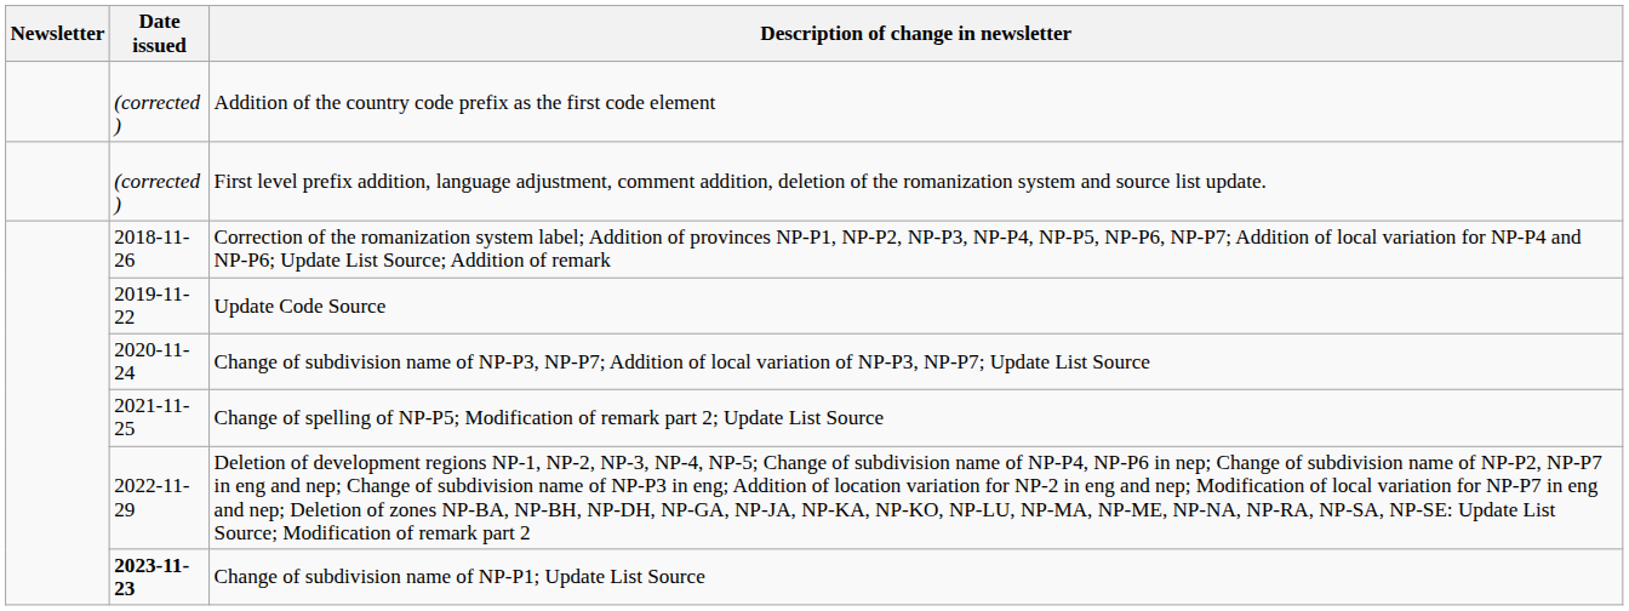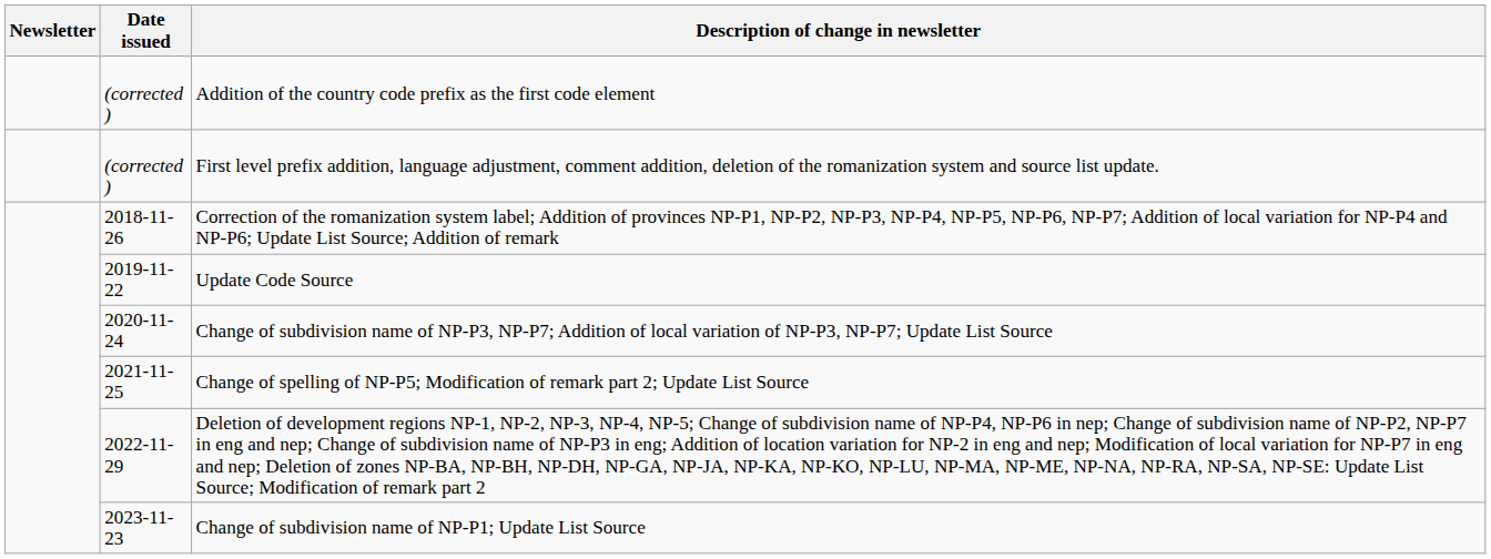 <table class="wikitable">
 <tr>
 <th>Newsletter</th>
 <th>Date issued</th>
 <th>Description of change in newsletter</th>
 </tr>
 <tr>
 <td id="II-1"></td>
 <td><br> <em>(corrected<br> )</em></td>
 <td>Addition of the country code prefix as the first code element</td>
 </tr>
 <tr>
 <td id="II-3"></td>
 <td><br> <em>(corrected<br> )</em></td>
 <td>First level prefix addition, language adjustment, comment addition, deletion of the romanization system and source list update.</td>
 </tr>
 <tr>
 <td rowspan="6"></td>
 <td>2018-11-26</td>
 <td>Correction of the romanization system label; Addition of provinces NP-P1, NP-P2, NP-P3, NP-P4, NP-P5, NP-P6, NP-P7; Addition of local variation for NP-P4 and NP-P6; Update List Source; Addition of remark</td>
 </tr>
 <tr>
 <td>2019-11-22</td>
 <td>Update Code Source</td>
 </tr>
 <tr>
 <td>2020-11-24</td>
 <td>Change of subdivision name of NP-P3, NP-P7; Addition of local variation of NP-P3, NP-P7; Update List Source</td>
 </tr>
 <tr>
 <td>2021-11-25</td>
 <td>Change of spelling of NP-P5; Modification of remark part 2; Update List Source</td>
 </tr>
 <tr>
 <td>2022-11-29</td>
 <td>Deletion of development regions NP-1, NP-2, NP-3, NP-4, NP-5; Change of subdivision name of NP-P4, NP-P6 in nep; Change of subdivision name of NP-P2, NP-P7 in eng and nep; Change of subdivision name of NP-P3 in eng; Addition of location variation for NP-2 in eng and nep; Modification of local variation for NP-P7 in eng and nep; Deletion of zones NP-BA, NP-BH, NP-DH, NP-GA, NP-JA, NP-KA, NP-KO, NP-LU, NP-MA, NP-ME, NP-NA, NP-RA, NP-SA, NP-SE: Update List Source; Modification of remark part 2</td>
 </tr>
 <tr>
-<td><strong>2023-11-23</strong></td>
+<td>2023-11-23</td>
 <td>Change of subdivision name of NP-P1; Update List Source</td>
 </tr>
 </table>
